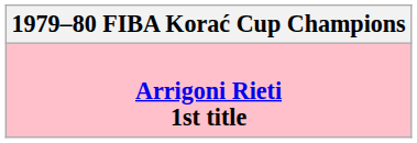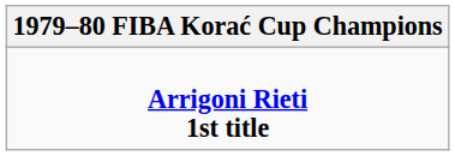 <table class=wikitable style="text-align:center; margin:auto">
 <tr>
 <th>1979–80 FIBA Korać Cup Champions</th>
 </tr>
 <tr>
-<td style="background: pink;"><br> <strong><a href='#'>Arrigoni Rieti</a></strong> <br> <strong>1st title</strong></td>
+<td><br> <strong><a href='#'>Arrigoni Rieti</a></strong> <br> <strong>1st title</strong></td>
 </tr>
 </table>
